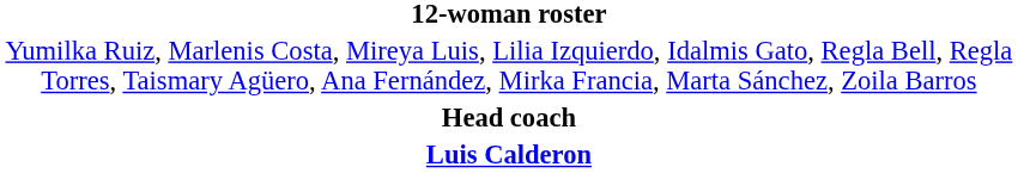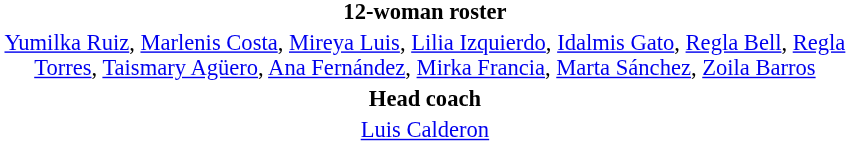 <table style="text-align:center; margin-top:2em; margin-left:auto; margin-right:auto">
 <tr>
 <td><strong>12-woman roster</strong></td>
 </tr>
 <tr>
 <td><a href='#'>Yumilka Ruiz</a>, <a href='#'>Marlenis Costa</a>, <a href='#'>Mireya Luis</a>, <a href='#'>Lilia Izquierdo</a>, <a href='#'>Idalmis Gato</a>, <a href='#'>Regla Bell</a>, <a href='#'>Regla Torres</a>, <a href='#'>Taismary Agüero</a>, <a href='#'>Ana Fernández</a>, <a href='#'>Mirka Francia</a>, <a href='#'>Marta Sánchez</a>, <a href='#'>Zoila Barros</a></td>
 </tr>
 <tr>
 <td><strong>Head coach</strong></td>
 </tr>
 <tr>
-<td><strong><a href='#'>Luis Calderon</a></strong></td>
+<td><a href='#'>Luis Calderon</a></td>
 </tr>
 </table>
